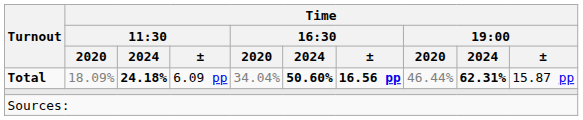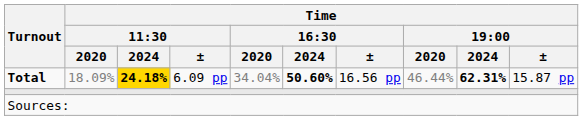 <table class="wikitable sortable" style="text-align:right;">
 <tr>
 <th rowspan="3">Turnout</th>
 <th colspan="9">Time</th>
 </tr>
 <tr>
 <th colspan="3">11:30</th>
 <th colspan="3">16:30</th>
 <th colspan="3">19:00</th>
 </tr>
 <tr>
 <th>2020</th>
 <th>2024</th>
 <th>±</th>
 <th>2020</th>
 <th>2024</th>
 <th>±</th>
 <th>2020</th>
 <th>2024</th>
 <th>±</th>
 </tr>
 <tr>
 <td align="left"><strong>Total</strong></td>
 <td style="color:gray;">18.09%</td>
-<td><strong>24.18%</strong></td>
+<td style="background: gold;"><strong>24.18%</strong></td>
 <td> 6.09 <a href='#'>pp</a></td>
 <td style="color:gray;">34.04%</td>
 <td><strong>50.60%</strong></td>
-<td><strong> 16.56 <a href='#'>pp</a></strong></td>
+<td> 16.56 <a href='#'>pp</a></td>
 <td style="color:gray;">46.44%</td>
 <td><strong>62.31%</strong></td>
 <td> 15.87 <a href='#'>pp</a></td>
 </tr>
 <tr>
 <td colspan="10" bgcolor="#E9E9E9"></td>
 </tr>
 <tr>
 <td align="left" colspan="10">Sources: </td>
 </tr>
 </table>
